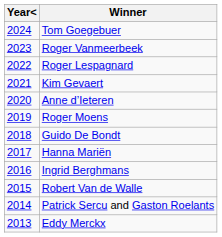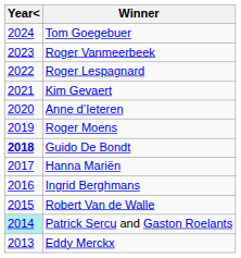 <table class="wikitable">
 <tr>
 <th>Year<</th>
 <th align="left">Winner</th>
 </tr>
 <tr>
 <td><a href='#'>2024</a></td>
 <td><a href='#'>Tom Goegebuer</a></td>
 </tr>
 <tr>
 <td><a href='#'>2023</a></td>
 <td><a href='#'>Roger Vanmeerbeek</a></td>
 </tr>
 <tr>
 <td><a href='#'>2022</a></td>
 <td><a href='#'>Roger Lespagnard</a></td>
 </tr>
 <tr>
 <td><a href='#'>2021</a></td>
 <td><a href='#'>Kim Gevaert</a></td>
 </tr>
 <tr>
 <td><a href='#'>2020</a></td>
 <td><a href='#'>Anne d’Ieteren</a></td>
 </tr>
 <tr>
 <td><a href='#'>2019</a></td>
 <td><a href='#'>Roger Moens</a></td>
 </tr>
 <tr>
-<td><a href='#'>2018</a></td>
+<td><strong><a href='#'>2018</a></strong></td>
 <td><a href='#'>Guido De Bondt</a></td>
 </tr>
 <tr>
 <td><a href='#'>2017</a></td>
 <td><a href='#'>Hanna Mariën</a></td>
 </tr>
 <tr>
 <td><a href='#'>2016</a></td>
 <td><a href='#'>Ingrid Berghmans</a></td>
 </tr>
 <tr>
 <td><a href='#'>2015</a></td>
 <td><a href='#'>Robert Van de Walle</a></td>
 </tr>
 <tr>
-<td><a href='#'>2014</a></td>
+<td style="background: paleturquoise;"><a href='#'>2014</a></td>
 <td><a href='#'>Patrick Sercu</a> and <a href='#'>Gaston Roelants</a></td>
 </tr>
 <tr>
 <td><a href='#'>2013</a></td>
 <td><a href='#'>Eddy Merckx</a></td>
 </tr>
 </table>
